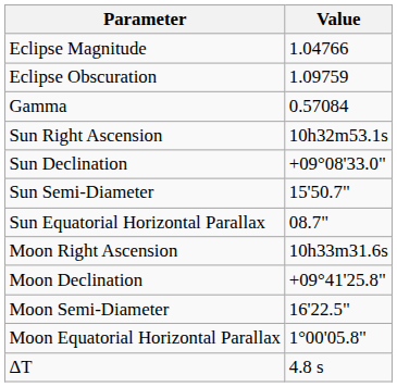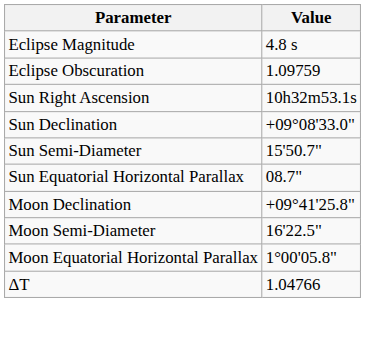 <table class="wikitable">
 <tr>
 <th>Parameter</th>
 <th>Value</th>
 </tr>
 <tr>
 <td>Eclipse Magnitude</td>
-<td>1.04766</td>
+<td>4.8 s</td>
 </tr>
 <tr>
 <td>Eclipse Obscuration</td>
 <td>1.09759</td>
-</tr>
-<tr>
-<td>Gamma</td>
-<td>0.57084</td>
 </tr>
 <tr>
 <td>Sun Right Ascension</td>
 <td>10h32m53.1s</td>
 </tr>
 <tr>
 <td>Sun Declination</td>
 <td>+09°08'33.0"</td>
 </tr>
 <tr>
 <td>Sun Semi-Diameter</td>
 <td>15'50.7"</td>
 </tr>
 <tr>
 <td>Sun Equatorial Horizontal Parallax</td>
 <td>08.7"</td>
 </tr>
 <tr>
-<td>Moon Right Ascension</td>
-<td>10h33m31.6s</td>
-</tr>
-<tr>
 <td>Moon Declination</td>
 <td>+09°41'25.8"</td>
 </tr>
 <tr>
 <td>Moon Semi-Diameter</td>
 <td>16'22.5"</td>
 </tr>
 <tr>
 <td>Moon Equatorial Horizontal Parallax</td>
 <td>1°00'05.8"</td>
 </tr>
 <tr>
 <td>ΔT</td>
-<td>4.8 s</td>
+<td>1.04766</td>
 </tr>
 </table>
